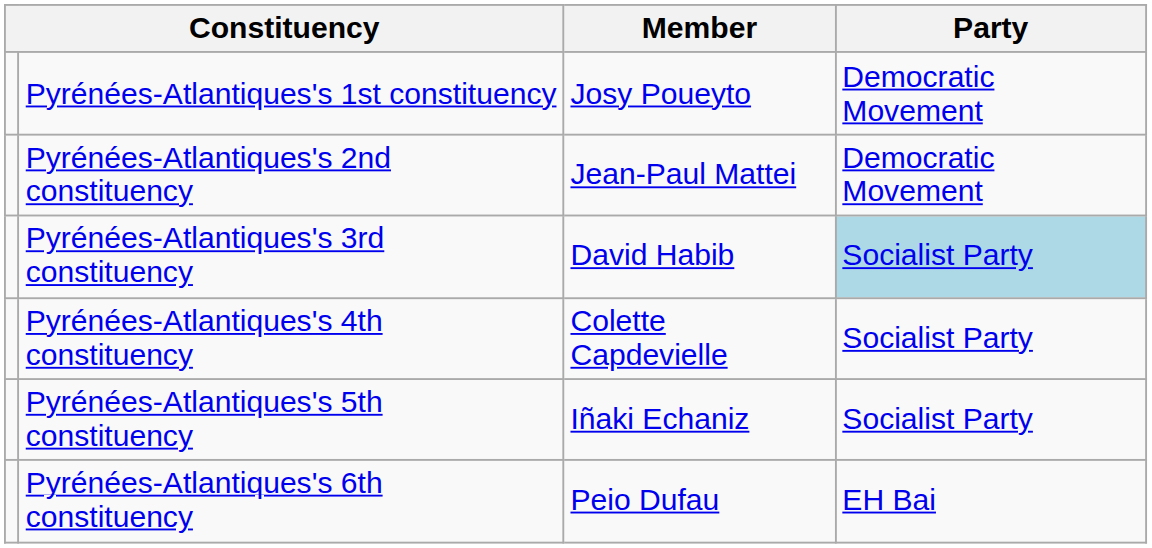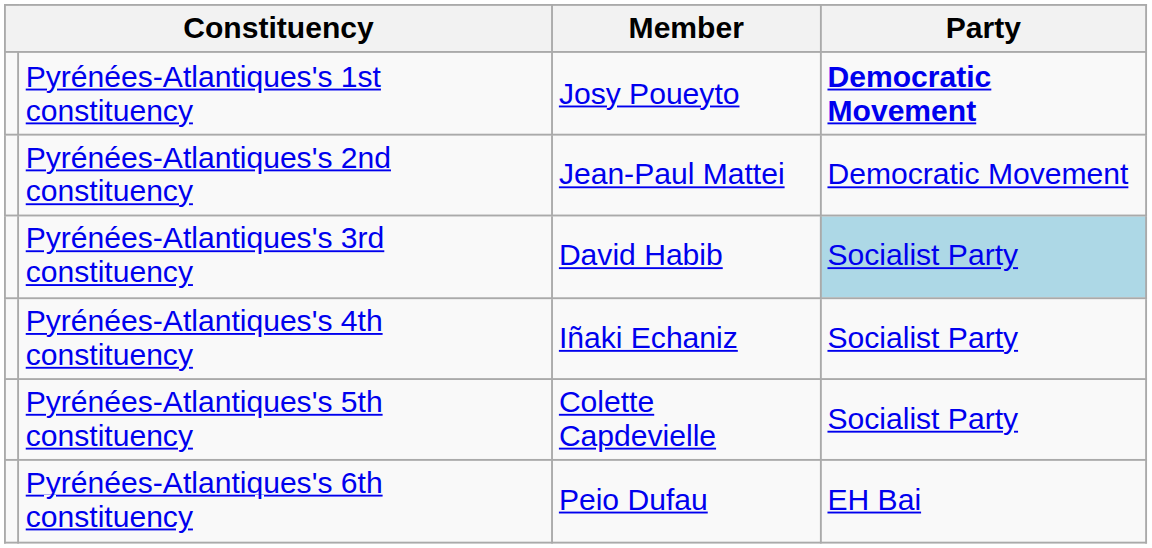 <table class="wikitable">
 <tr>
 <th colspan="2">Constituency</th>
 <th>Member</th>
 <th>Party</th>
 </tr>
 <tr>
 <td style="background-color: "></td>
 <td><a href='#'>Pyrénées-Atlantiques's 1st constituency</a></td>
 <td><a href='#'>Josy Poueyto</a></td>
-<td><a href='#'>Democratic Movement</a></td>
+<td><strong><a href='#'>Democratic Movement</a></strong></td>
 </tr>
 <tr>
 <td style="background-color: "></td>
 <td><a href='#'>Pyrénées-Atlantiques's 2nd constituency</a></td>
 <td><a href='#'>Jean-Paul Mattei</a></td>
 <td><a href='#'>Democratic Movement</a></td>
 </tr>
 <tr>
 <td style="background-color: "></td>
 <td><a href='#'>Pyrénées-Atlantiques's 3rd constituency</a></td>
 <td><a href='#'>David Habib</a></td>
 <td style="background: lightblue;"><a href='#'>Socialist Party</a></td>
 </tr>
 <tr>
 <td style="background-color: "></td>
 <td><a href='#'>Pyrénées-Atlantiques's 4th constituency</a></td>
-<td><a href='#'>Colette Capdevielle</a></td>
+<td><a href='#'>Iñaki Echaniz</a></td>
 <td><a href='#'>Socialist Party</a></td>
 </tr>
 <tr>
 <td style="background-color: "></td>
 <td><a href='#'>Pyrénées-Atlantiques's 5th constituency</a></td>
-<td><a href='#'>Iñaki Echaniz</a></td>
+<td><a href='#'>Colette Capdevielle</a></td>
 <td><a href='#'>Socialist Party</a></td>
 </tr>
 <tr>
 <td style="background-color: "></td>
 <td><a href='#'>Pyrénées-Atlantiques's 6th constituency</a></td>
 <td><a href='#'>Peio Dufau</a></td>
 <td><a href='#'>EH Bai</a></td>
 </tr>
 </table>
